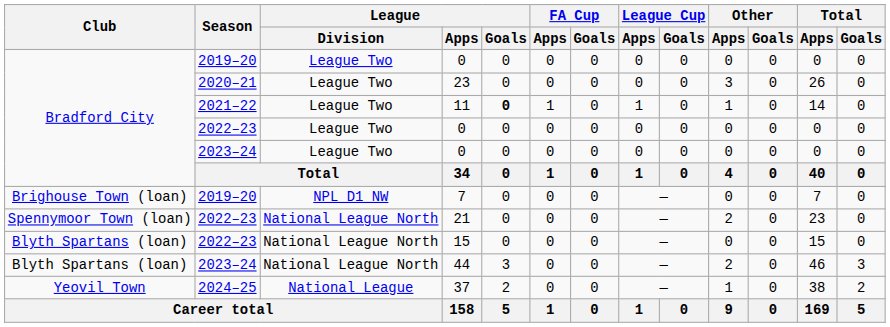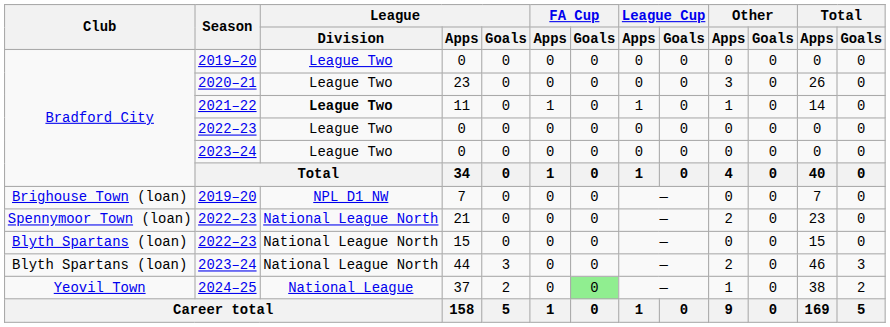 <table class=wikitable style="text-align: center">
 <tr>
 <th rowspan=2>Club</th>
 <th rowspan=2>Season</th>
 <th colspan=3>League</th>
 <th colspan=2><a href='#'>FA Cup</a></th>
 <th colspan=2><a href='#'>League Cup</a></th>
 <th colspan=2>Other</th>
 <th colspan=2>Total</th>
 </tr>
 <tr>
 <th>Division</th>
 <th>Apps</th>
 <th>Goals</th>
 <th>Apps</th>
 <th>Goals</th>
 <th>Apps</th>
 <th>Goals</th>
 <th>Apps</th>
 <th>Goals</th>
 <th>Apps</th>
 <th>Goals</th>
 </tr>
 <tr>
 <td rowspan=6><a href='#'>Bradford City</a></td>
 <td><a href='#'>2019–20</a></td>
 <td><a href='#'>League Two</a></td>
 <td>0</td>
 <td>0</td>
 <td>0</td>
 <td>0</td>
 <td>0</td>
 <td>0</td>
 <td>0</td>
 <td>0</td>
 <td>0</td>
 <td>0</td>
 </tr>
 <tr>
 <td><a href='#'>2020–21</a></td>
 <td>League Two</td>
 <td>23</td>
 <td>0</td>
 <td>0</td>
 <td>0</td>
 <td>0</td>
 <td>0</td>
 <td>3</td>
 <td>0</td>
 <td>26</td>
 <td>0</td>
 </tr>
 <tr>
 <td><a href='#'>2021–22</a></td>
-<td>League Two</td>
+<td><strong>League Two</strong></td>
 <td>11</td>
-<td><strong>0</strong></td>
+<td>0</td>
 <td>1</td>
 <td>0</td>
 <td>1</td>
 <td>0</td>
 <td>1</td>
 <td>0</td>
 <td>14</td>
 <td>0</td>
 </tr>
 <tr>
 <td><a href='#'>2022–23</a></td>
 <td>League Two</td>
 <td>0</td>
 <td>0</td>
 <td>0</td>
 <td>0</td>
 <td>0</td>
 <td>0</td>
 <td>0</td>
 <td>0</td>
 <td>0</td>
 <td>0</td>
 </tr>
 <tr>
 <td><a href='#'>2023–24</a></td>
 <td>League Two</td>
 <td>0</td>
 <td>0</td>
 <td>0</td>
 <td>0</td>
 <td>0</td>
 <td>0</td>
 <td>0</td>
 <td>0</td>
 <td>0</td>
 <td>0</td>
 </tr>
 <tr>
 <th colspan=2>Total</th>
 <th>34</th>
 <th>0</th>
 <th>1</th>
 <th>0</th>
 <th>1</th>
 <th>0</th>
 <th>4</th>
 <th>0</th>
 <th>40</th>
 <th>0</th>
 </tr>
 <tr>
 <td><a href='#'>Brighouse Town</a> (loan)</td>
 <td><a href='#'>2019–20</a></td>
 <td><a href='#'>NPL D1 NW</a></td>
 <td>7</td>
 <td>0</td>
 <td>0</td>
 <td>0</td>
 <td colspan=2>—</td>
 <td>0</td>
 <td>0</td>
 <td>7</td>
 <td>0</td>
 </tr>
 <tr>
 <td><a href='#'>Spennymoor Town</a> (loan)</td>
 <td><a href='#'>2022–23</a></td>
 <td><a href='#'>National League North</a></td>
 <td>21</td>
 <td>0</td>
 <td>0</td>
 <td>0</td>
 <td colspan=2>—</td>
 <td>2</td>
 <td>0</td>
 <td>23</td>
 <td>0</td>
 </tr>
 <tr>
 <td><a href='#'>Blyth Spartans</a> (loan)</td>
 <td><a href='#'>2022–23</a></td>
 <td>National League North</td>
 <td>15</td>
 <td>0</td>
 <td>0</td>
 <td>0</td>
 <td colspan=2>—</td>
 <td>0</td>
 <td>0</td>
 <td>15</td>
 <td>0</td>
 </tr>
 <tr>
 <td>Blyth Spartans (loan)</td>
 <td><a href='#'>2023–24</a></td>
 <td>National League North</td>
 <td>44</td>
 <td>3</td>
 <td>0</td>
 <td>0</td>
 <td colspan=2>—</td>
 <td>2</td>
 <td>0</td>
 <td>46</td>
 <td>3</td>
 </tr>
 <tr>
 <td><a href='#'>Yeovil Town</a></td>
 <td><a href='#'>2024–25</a></td>
 <td><a href='#'>National League</a></td>
 <td>37</td>
 <td>2</td>
 <td>0</td>
-<td>0</td>
+<td style="background: lightgreen;">0</td>
 <td colspan=2>—</td>
 <td>1</td>
 <td>0</td>
 <td>38</td>
 <td>2</td>
 </tr>
 <tr>
 <th colspan=3>Career total</th>
 <th>158</th>
 <th>5</th>
 <th>1</th>
 <th>0</th>
 <th>1</th>
 <th>0</th>
 <th>9</th>
 <th>0</th>
 <th>169</th>
 <th>5</th>
 </tr>
 </table>
